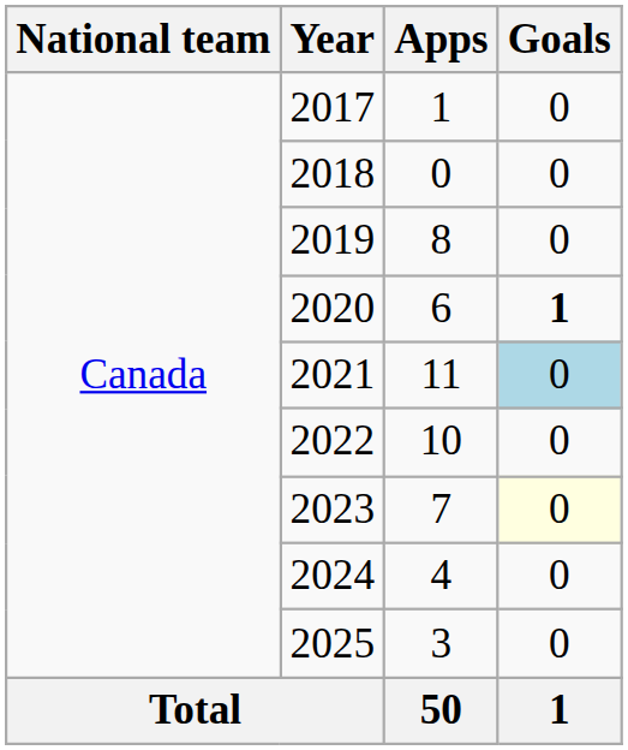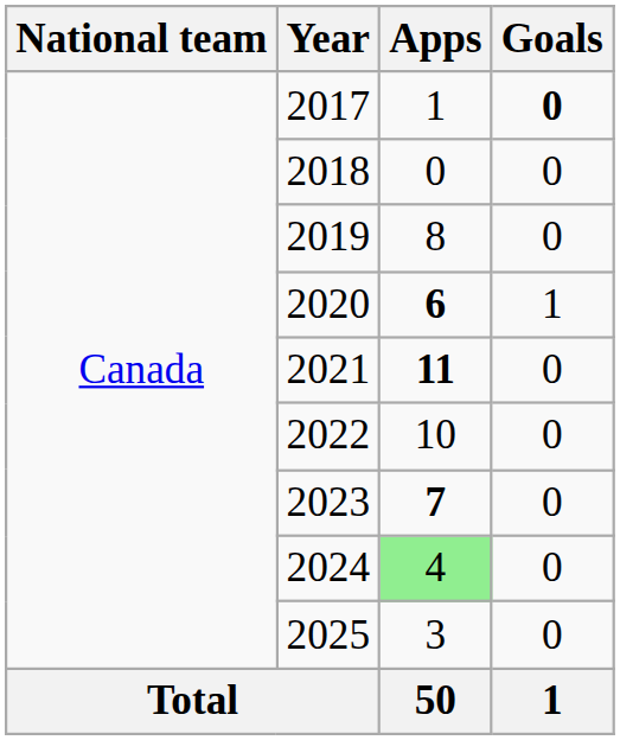 <table class="wikitable" style="text-align:center">
 <tr>
 <th>National team</th>
 <th>Year</th>
 <th>Apps</th>
 <th>Goals</th>
 </tr>
 <tr>
 <td rowspan="9"><a href='#'>Canada</a></td>
 <td>2017</td>
 <td>1</td>
-<td>0</td>
+<td><strong>0</strong></td>
 </tr>
 <tr>
 <td>2018</td>
 <td>0</td>
 <td>0</td>
 </tr>
 <tr>
 <td>2019</td>
 <td>8</td>
 <td>0</td>
 </tr>
 <tr>
 <td>2020</td>
-<td>6</td>
-<td><strong>1</strong></td>
+<td><strong>6</strong></td>
+<td>1</td>
 </tr>
 <tr>
 <td>2021</td>
-<td>11</td>
-<td style="background: lightblue;">0</td>
+<td><strong>11</strong></td>
+<td>0</td>
 </tr>
 <tr>
 <td>2022</td>
 <td>10</td>
 <td>0</td>
 </tr>
 <tr>
 <td>2023</td>
-<td>7</td>
-<td style="background: lightyellow;">0</td>
+<td><strong>7</strong></td>
+<td>0</td>
 </tr>
 <tr>
 <td>2024</td>
-<td>4</td>
+<td style="background: lightgreen;">4</td>
 <td>0</td>
 </tr>
 <tr>
 <td>2025</td>
 <td>3</td>
 <td>0</td>
 </tr>
 <tr>
 <th colspan="2">Total</th>
 <th>50</th>
 <th>1</th>
 </tr>
 </table>
